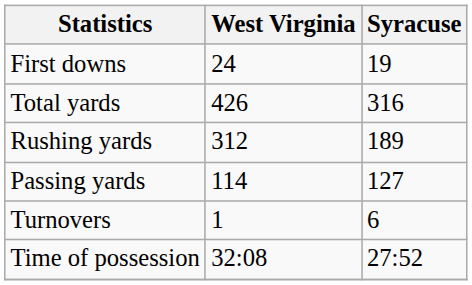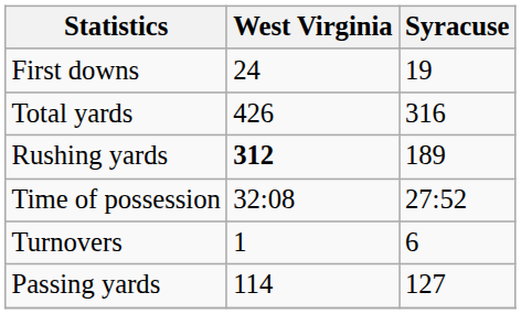 <table class="wikitable" style="float: left;">
 <tr>
 <th>Statistics</th>
 <th>West Virginia</th>
 <th>Syracuse</th>
 </tr>
 <tr>
 <td>First downs</td>
 <td>24</td>
 <td>19</td>
 </tr>
 <tr>
 <td>Total yards</td>
 <td>426</td>
 <td>316</td>
 </tr>
 <tr>
 <td>Rushing yards</td>
-<td>312</td>
+<td><strong>312</strong></td>
 <td>189</td>
+</tr>
+<tr>
+<td>Time of possession</td>
+<td>32:08</td>
+<td>27:52</td>
+</tr>
+<tr>
+<td>Turnovers</td>
+<td>1</td>
+<td>6</td>
 </tr>
 <tr>
 <td>Passing yards</td>
 <td>114</td>
 <td>127</td>
 </tr>
 <tr>
-<td>Turnovers</td>
-<td>1</td>
-<td>6</td>
-</tr>
-<tr>
-<td>Time of possession</td>
-<td>32:08</td>
-<td>27:52</td>
-</tr>
-<tr>
 </tr>
 </table>
